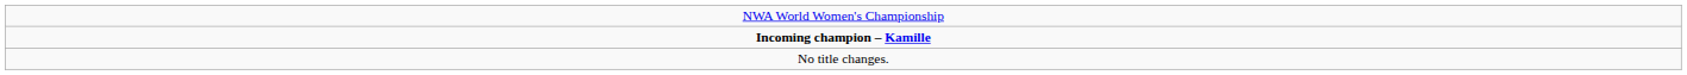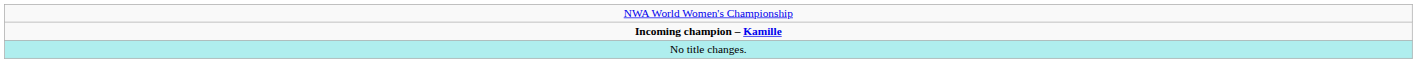 <table class="wikitable" style="text-align:center; width:100%;">
 <tr>
 <td style="text-align: center;"><a href='#'>NWA World Women's Championship</a></td>
 </tr>
 <tr>
 <td style="text-align: center;"><strong>Incoming champion – <a href='#'>Kamille</a></strong></td>
 </tr>
 <tr>
-<td>No title changes.</td>
+<td style="background: paleturquoise;">No title changes.</td>
 </tr>
 </table>
